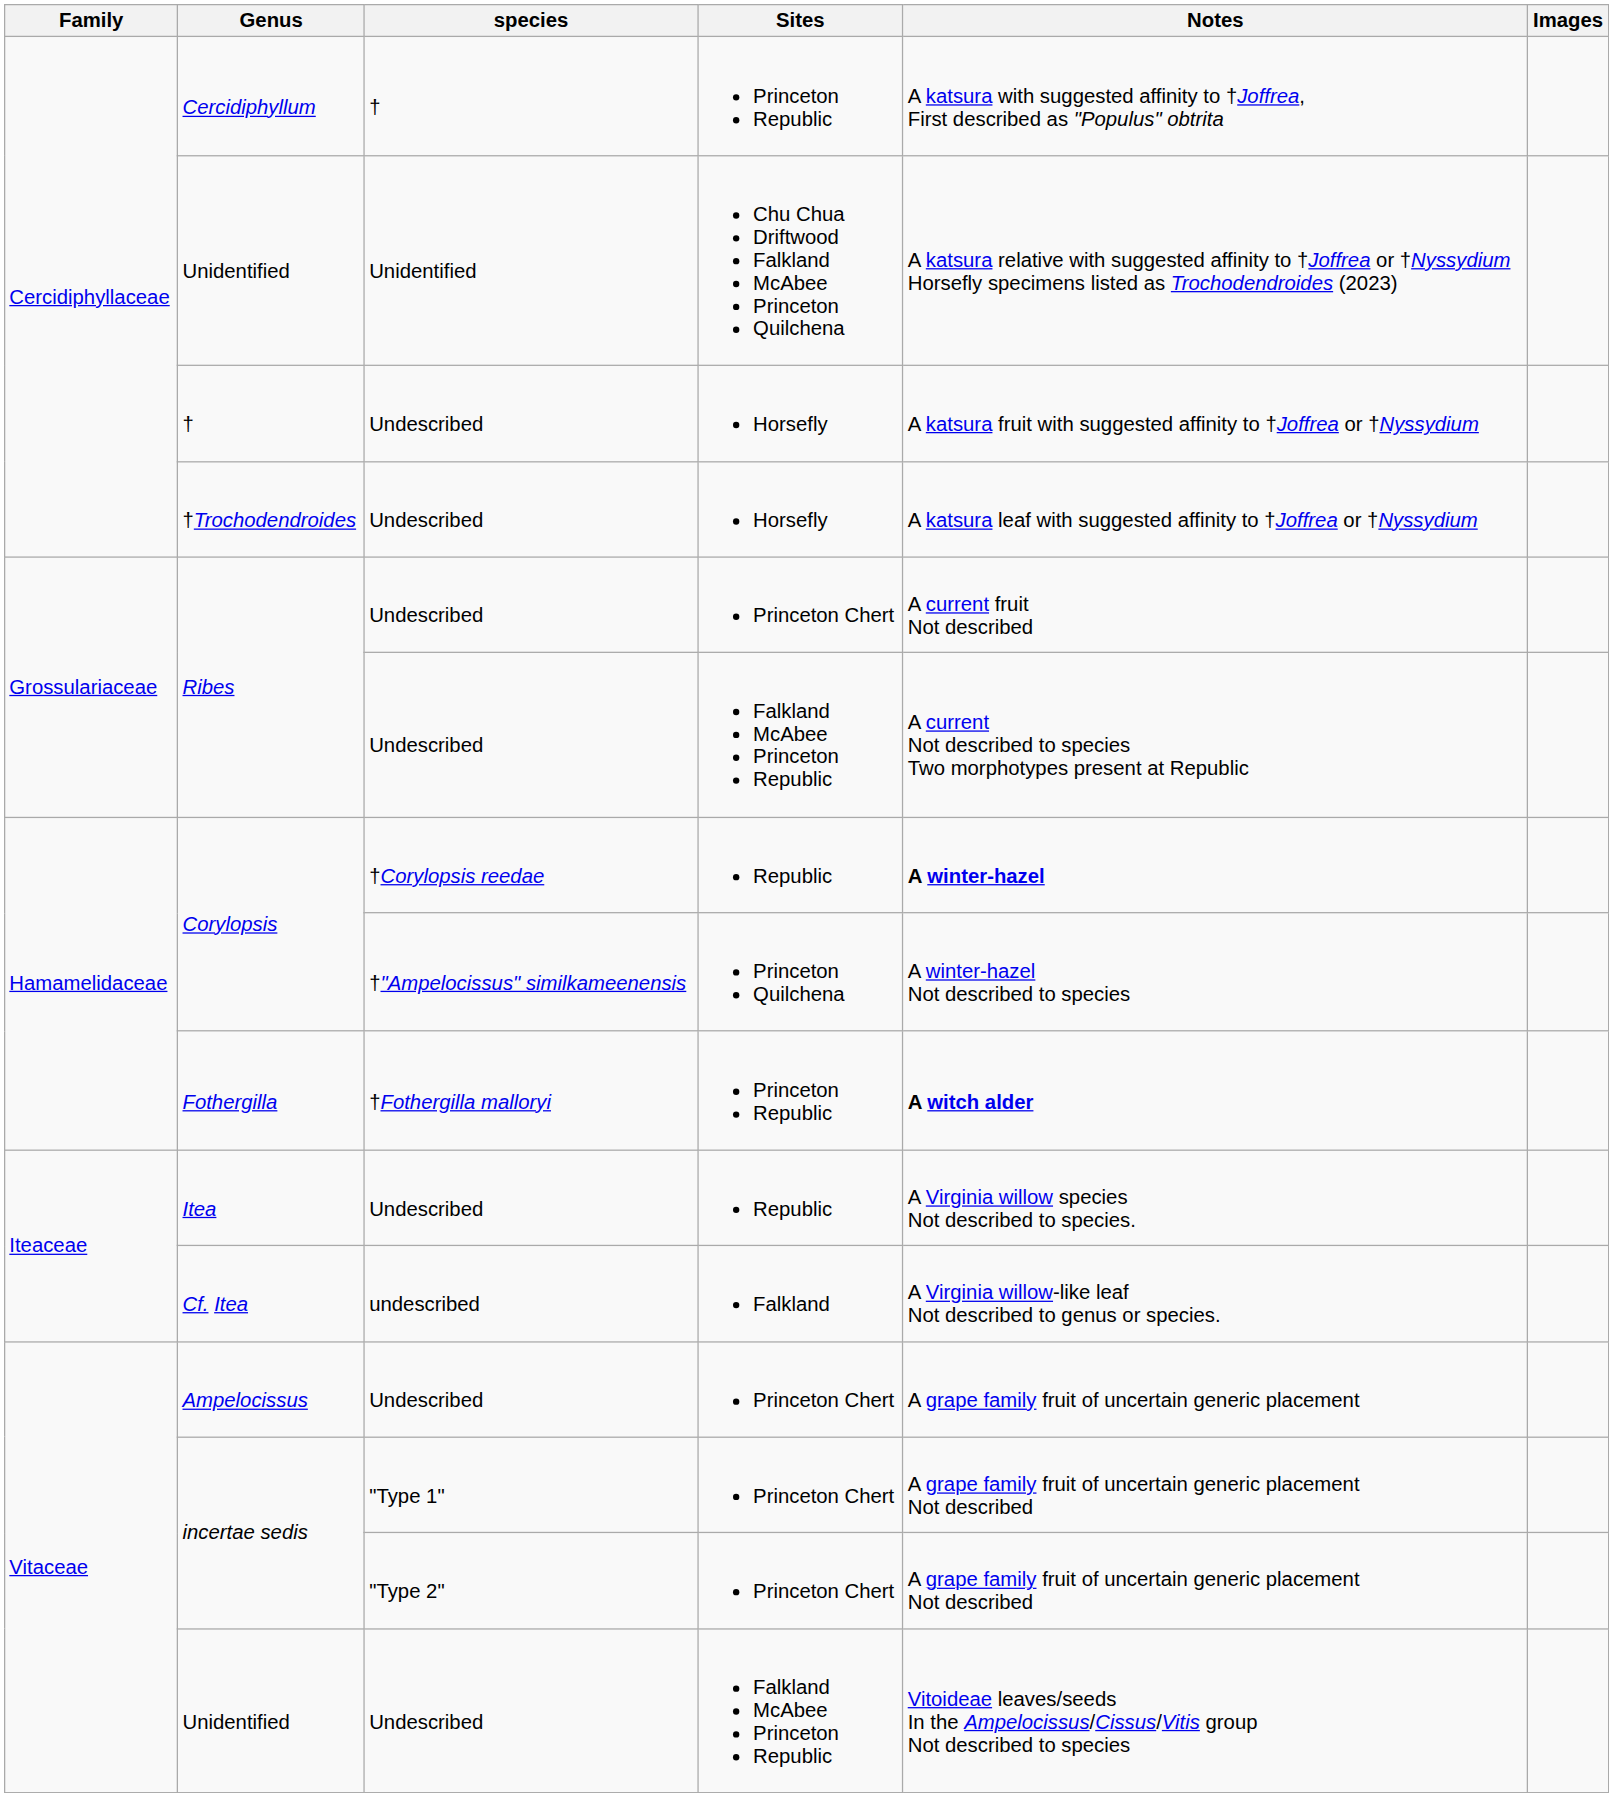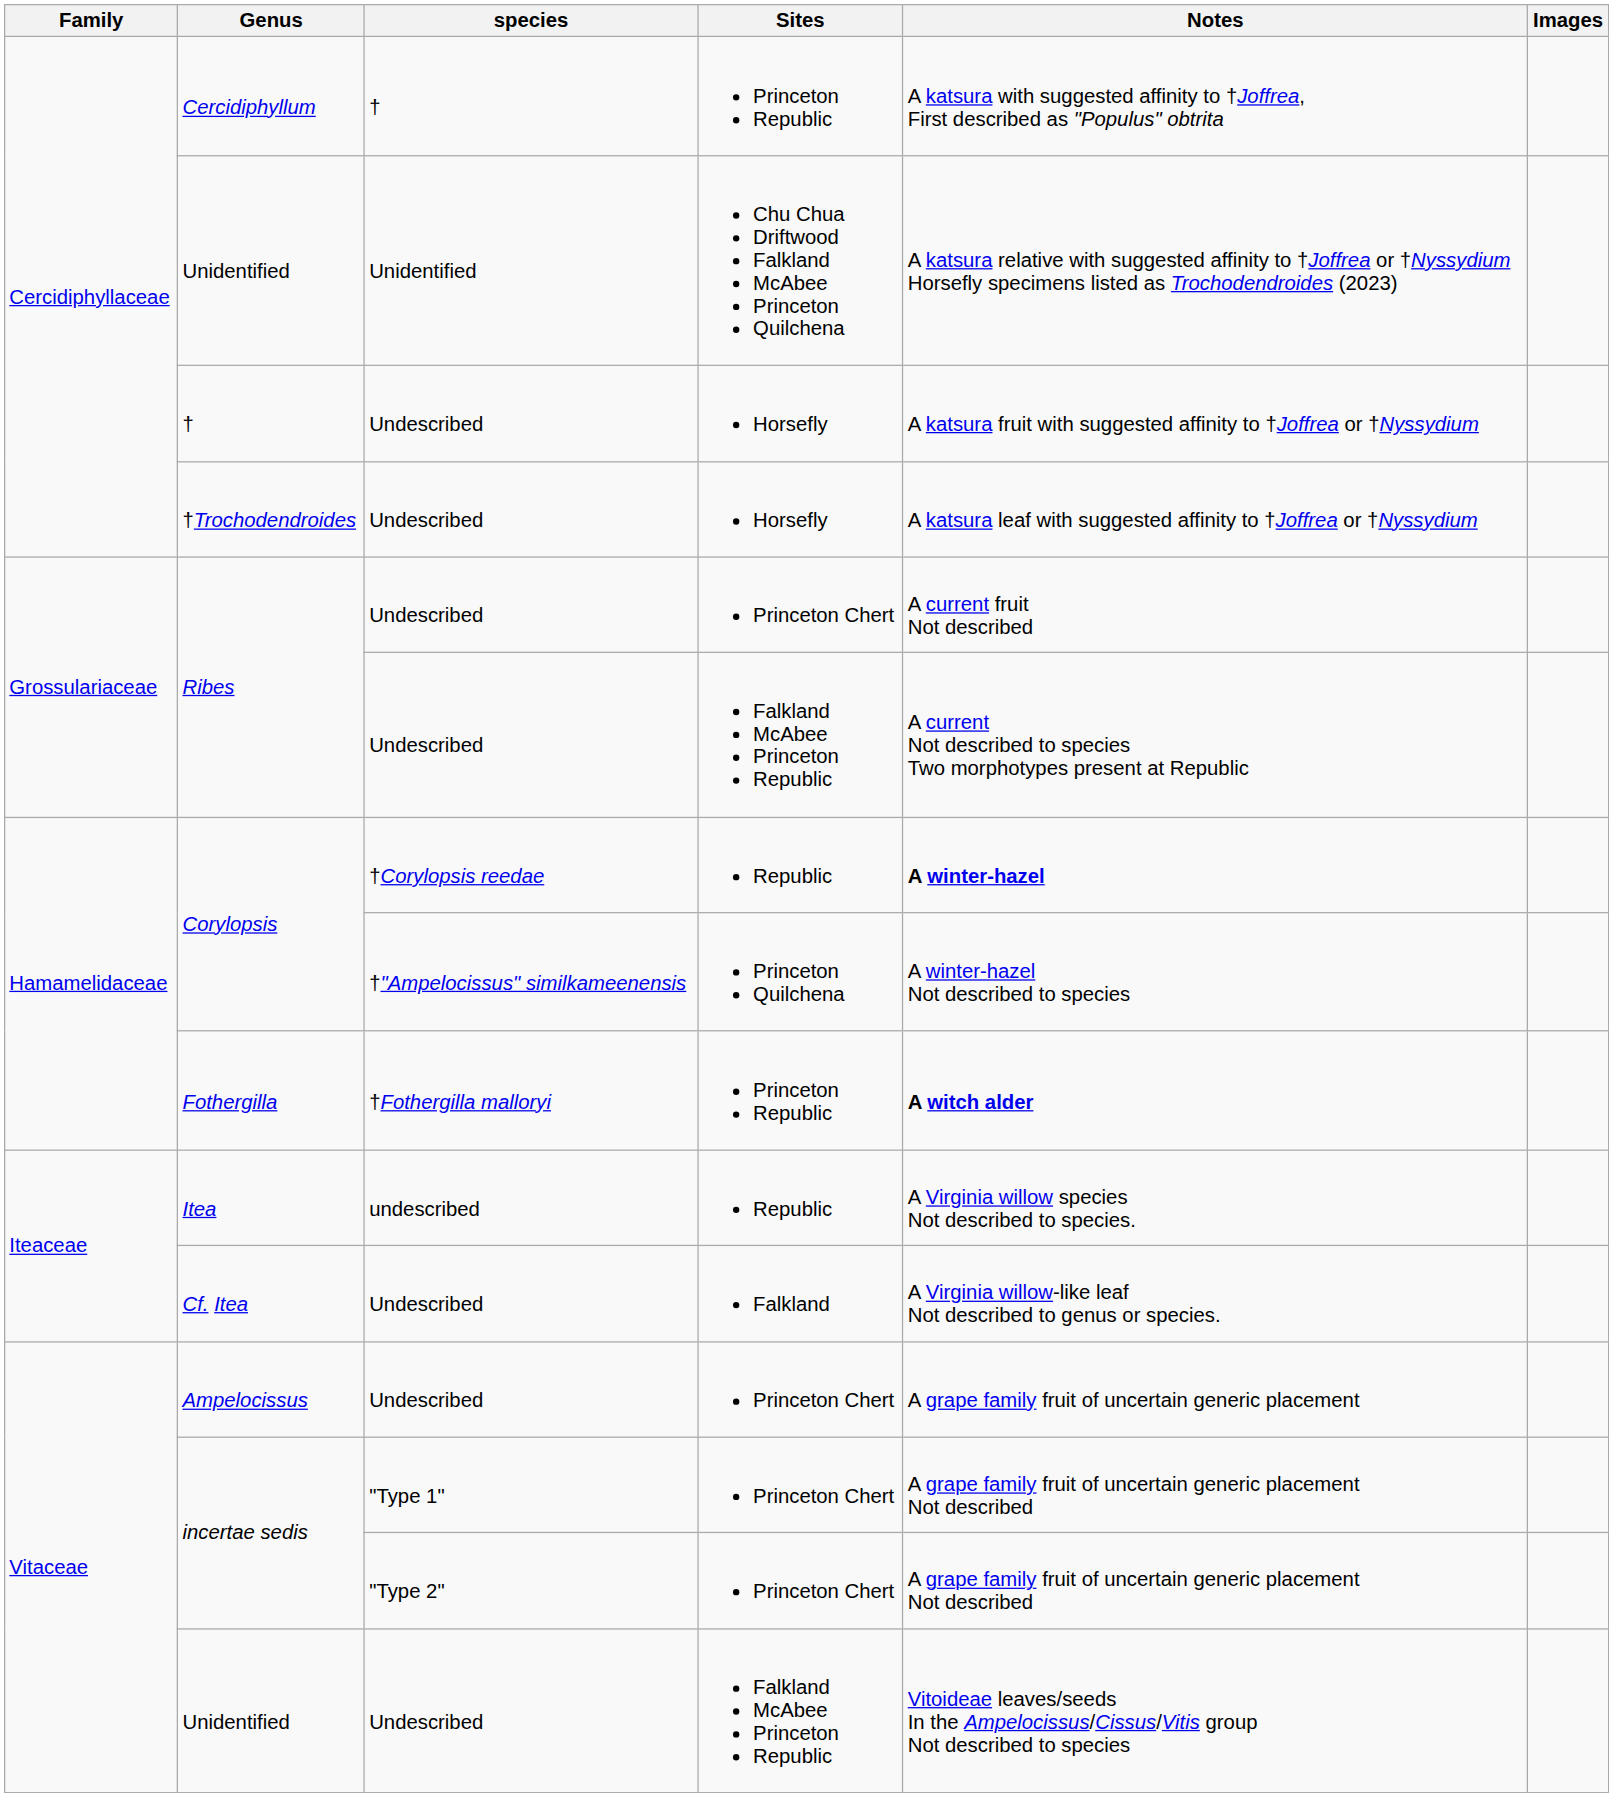 <table class="wikitable sortable"  style="margin:auto; width:100%;">
 <tr>
 <th>Family</th>
 <th>Genus</th>
 <th>species</th>
 <th>Sites</th>
 <th>Notes</th>
 <th>Images</th>
 </tr>
 <tr>
 <td rowspan=4><a href='#'>Cercidiphyllaceae</a></td>
 <td><br><em><a href='#'>Cercidiphyllum</a></em></td>
 <td><br>†</td>
 <td><br><ul><li>Princeton</li><li>Republic</li></ul></td>
 <td><br>A <a href='#'>katsura</a> with suggested affinity to †<em><a href='#'>Joffrea</a></em>,<br> First described as <em>"Populus" obtrita</em></td>
 <td><br></td>
 </tr>
 <tr>
 <td><br>Unidentified</td>
 <td><br>Unidentified</td>
 <td><br><ul><li>Chu Chua</li><li>Driftwood</li><li>Falkland</li><li>McAbee</li><li>Princeton</li><li>Quilchena</li></ul></td>
 <td><br>A <a href='#'>katsura</a> relative with suggested affinity to †<em><a href='#'>Joffrea</a></em> or †<em><a href='#'>Nyssydium</a></em><br> Horsefly specimens listed as <em><a href='#'>Trochodendroides</a></em> (2023)</td>
 <td><br></td>
 </tr>
 <tr>
 <td><br>†</td>
 <td><br>Undescribed</td>
 <td><br><ul><li>Horsefly</li></ul></td>
 <td><br>A <a href='#'>katsura</a> fruit with suggested affinity to †<em><a href='#'>Joffrea</a></em> or †<em><a href='#'>Nyssydium</a></em></td>
 <td></td>
 </tr>
 <tr>
 <td><br>†<em><a href='#'>Trochodendroides</a></em></td>
 <td><br>Undescribed</td>
 <td><br><ul><li>Horsefly</li></ul></td>
 <td><br>A <a href='#'>katsura</a> leaf with suggested affinity to †<em><a href='#'>Joffrea</a></em> or †<em><a href='#'>Nyssydium</a></em></td>
 <td></td>
 </tr>
 <tr>
 <td rowspan=2><a href='#'>Grossulariaceae</a></td>
 <td rowspan=2><em><a href='#'>Ribes</a></em></td>
 <td><br>Undescribed</td>
 <td><br><ul><li>Princeton Chert</li></ul></td>
 <td><br>A <a href='#'>current</a> fruit<br>Not described</td>
 <td></td>
 </tr>
 <tr>
 <td><br>Undescribed</td>
 <td><br><ul><li>Falkland</li><li>McAbee</li><li>Princeton</li><li>Republic</li></ul></td>
 <td><br>A <a href='#'>current</a><br>Not described to species<br>Two morphotypes present at Republic</td>
 <td></td>
 </tr>
 <tr>
 <td rowspan=3><a href='#'>Hamamelidaceae</a></td>
 <td rowspan=2><em><a href='#'>Corylopsis</a></em></td>
 <td><br>†<em><a href='#'>Corylopsis reedae</a></em></td>
 <td><br><ul><li>Republic</li></ul></td>
 <td><strong><br>A <a href='#'>winter-hazel</a></strong></td>
 <td><br></td>
 </tr>
 <tr>
 <td><br>†<em><a href='#'>"Ampelocissus" similkameenensis</a></em></td>
 <td><br><ul><li>Princeton</li><li>Quilchena</li></ul></td>
 <td><br>A <a href='#'>winter-hazel</a><br>Not described to species</td>
 <td></td>
 </tr>
 <tr>
 <td><br><em><a href='#'>Fothergilla</a></em></td>
 <td><br>†<em><a href='#'>Fothergilla malloryi</a></em></td>
 <td><br><ul><li>Princeton</li><li>Republic</li></ul></td>
 <td><strong><br>A <a href='#'>witch alder</a></strong></td>
 <td><br></td>
 </tr>
 <tr>
 <td rowspan=2><a href='#'>Iteaceae</a></td>
 <td><br><em><a href='#'>Itea</a></em></td>
-<td><br>Undescribed</td>
+<td><br>undescribed</td>
 <td><br><ul><li>Republic</li></ul></td>
 <td><br>A <a href='#'>Virginia willow</a> species<br>Not described to species.</td>
 <td></td>
 </tr>
 <tr>
 <td><br><em><a href='#'>Cf.</a></em> <em><a href='#'>Itea</a></em></td>
-<td><br>undescribed</td>
+<td><br>Undescribed</td>
 <td><br><ul><li>Falkland</li></ul></td>
 <td><br>A <a href='#'>Virginia willow</a>-like leaf<br>Not described to genus or species.</td>
 <td></td>
 </tr>
 <tr>
 <td rowspan=4><a href='#'>Vitaceae</a></td>
 <td><br><em><a href='#'>Ampelocissus</a></em></td>
 <td><br>Undescribed</td>
 <td><br><ul><li>Princeton Chert</li></ul></td>
 <td><br>A <a href='#'>grape family</a> fruit of uncertain generic placement</td>
 <td></td>
 </tr>
 <tr>
 <td rowspan=2><em>incertae sedis</em></td>
 <td><br>"Type 1"</td>
 <td><br><ul><li>Princeton Chert</li></ul></td>
 <td><br>A <a href='#'>grape family</a> fruit of uncertain generic placement<br> Not described</td>
 <td></td>
 </tr>
 <tr>
 <td><br>"Type 2"</td>
 <td><br><ul><li>Princeton Chert</li></ul></td>
 <td><br>A <a href='#'>grape family</a> fruit of uncertain generic placement<br> Not described</td>
 <td></td>
 </tr>
 <tr>
 <td><br>Unidentified</td>
 <td><br>Undescribed</td>
 <td><br><ul><li>Falkland</li><li>McAbee</li><li>Princeton</li><li>Republic</li></ul></td>
 <td><br><a href='#'>Vitoideae</a> leaves/seeds<br>In the <em><a href='#'>Ampelocissus</a></em>/<em><a href='#'>Cissus</a></em>/<em><a href='#'>Vitis</a></em> group<br>Not described to species</td>
 <td></td>
 </tr>
 <tr>
 </tr>
 </table>
